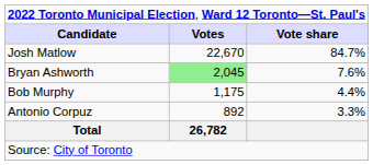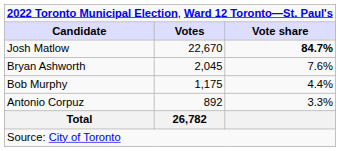 <table class="wikitable plainrowheaders">
 <tr>
 <td colspan="3"><strong><a href='#'>2022 Toronto Municipal Election</a></strong>, <strong><a href='#'>Ward 12 Toronto—St. Paul's</a></strong></td>
 </tr>
 <tr>
 <th scope="col" style="background:#ddf;">Candidate</th>
 <th scope="col" style="background:#ddf;">Votes</th>
 <th scope="col" style="background:#ddf;">Vote share</th>
 </tr>
 <tr>
 <td scope="row">Josh Matlow</td>
 <td align="right">22,670</td>
-<td align="right">84.7%</td>
+<td align="right"><strong>84.7%</strong></td>
 </tr>
 <tr>
 <td scope="row">Bryan Ashworth</td>
-<td align="right" style="background: lightgreen;">2,045</td>
+<td align="right">2,045</td>
 <td align="right">7.6%</td>
 </tr>
 <tr>
 <td scope="row">Bob Murphy</td>
 <td align="right">1,175</td>
 <td align="right">4.4%</td>
 </tr>
 <tr>
 <td scope="row">Antonio Corpuz</td>
 <td align="right">892</td>
 <td align="right">3.3%</td>
 </tr>
 <tr>
 <th scope="row"><strong>Total</strong></th>
 <th align="right">26,782</th>
 <th align="right"></th>
 </tr>
 <tr>
 <td colspan="3">Source: <a href='#'>City of Toronto</a></td>
 </tr>
 </table>
